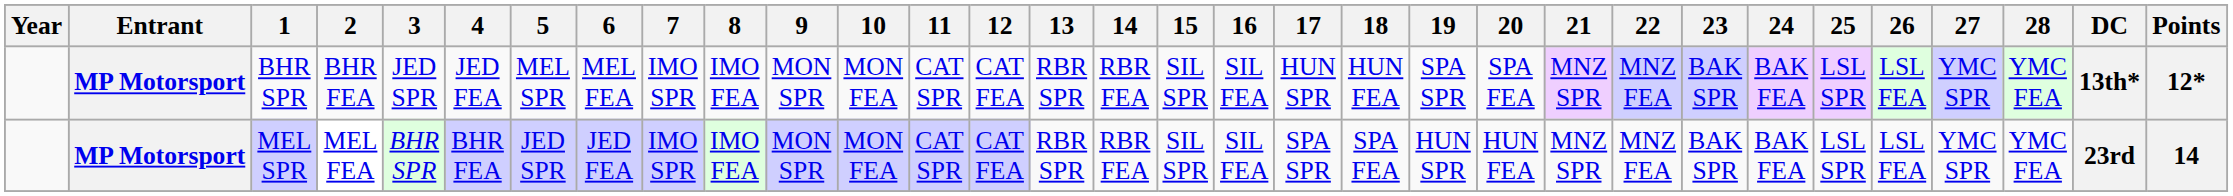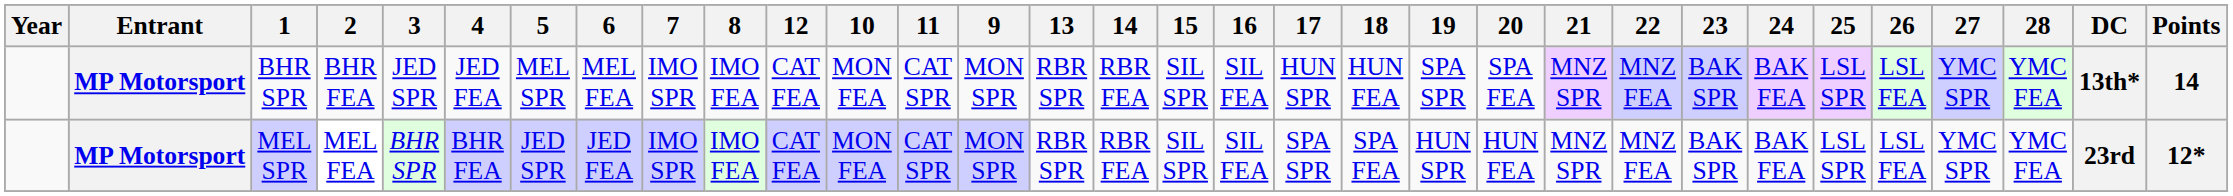 <table class="wikitable" style="text-align:center; font-size:85%;">
 <tr>
 <th scope="col">Year</th>
 <th scope="col">Entrant</th>
 <th scope="col">1</th>
 <th scope="col">2</th>
 <th scope="col">3</th>
 <th scope="col">4</th>
 <th scope="col">5</th>
 <th scope="col">6</th>
 <th scope="col">7</th>
 <th scope="col">8</th>
-<th scope="col">9</th>
+<th scope="col">12</th>
 <th scope="col">10</th>
 <th scope="col">11</th>
-<th scope="col">12</th>
+<th scope="col">9</th>
 <th scope="col">13</th>
 <th scope="col">14</th>
 <th scope="col">15</th>
 <th scope="col">16</th>
 <th scope="col">17</th>
 <th scope="col">18</th>
 <th scope="col">19</th>
 <th scope="col">20</th>
 <th scope="col">21</th>
 <th scope="col">22</th>
 <th scope="col">23</th>
 <th scope="col">24</th>
 <th scope="col">25</th>
 <th scope="col">26</th>
 <th scope="col">27</th>
 <th scope="col">28</th>
 <th scope="col">DC</th>
 <th scope="col">Points</th>
 </tr>
 <tr>
 <td scope="row"></td>
 <th><a href='#'>MP Motorsport</a></th>
 <td><a href='#'>BHR<br>SPR</a></td>
 <td><a href='#'>BHR<br>FEA</a></td>
 <td><a href='#'>JED<br>SPR</a></td>
 <td><a href='#'>JED<br>FEA</a></td>
 <td><a href='#'>MEL<br>SPR</a></td>
 <td><a href='#'>MEL<br>FEA</a></td>
 <td><a href='#'>IMO<br>SPR</a></td>
 <td><a href='#'>IMO<br>FEA</a></td>
-<td><a href='#'>MON<br>SPR</a></td>
+<td><a href='#'>CAT<br>FEA</a></td>
 <td><a href='#'>MON<br>FEA</a></td>
 <td><a href='#'>CAT<br>SPR</a></td>
-<td><a href='#'>CAT<br>FEA</a></td>
+<td><a href='#'>MON<br>SPR</a></td>
 <td><a href='#'>RBR<br>SPR</a></td>
 <td><a href='#'>RBR<br>FEA</a></td>
 <td><a href='#'>SIL<br>SPR</a></td>
 <td><a href='#'>SIL<br>FEA</a></td>
 <td><a href='#'>HUN<br>SPR</a></td>
 <td><a href='#'>HUN<br>FEA</a></td>
 <td><a href='#'>SPA<br>SPR</a></td>
 <td><a href='#'>SPA<br>FEA</a></td>
 <td style="background:#EFCFFF;"><a href='#'>MNZ<br>SPR</a><br></td>
 <td style="background:#CFCFFF;"><a href='#'>MNZ<br>FEA</a><br></td>
 <td style="background:#CFCFFF;"><a href='#'>BAK<br>SPR</a><br></td>
 <td style="background:#EFCFFF;"><a href='#'>BAK<br>FEA</a><br></td>
 <td style="background:#EFCFFF;"><a href='#'>LSL<br>SPR</a><br></td>
 <td style="background:#DFFFDF;"><a href='#'>LSL<br>FEA</a><br></td>
 <td style="background:#CFCFFF;"><a href='#'>YMC<br>SPR</a><br></td>
 <td style="background:#DFFFDF;"><a href='#'>YMC<br>FEA</a><br></td>
 <th>13th*</th>
-<th>12*</th>
+<th>14</th>
 </tr>
 <tr>
 <td scope="row"></td>
 <th><a href='#'>MP Motorsport</a></th>
 <td style="background:#CFCFFF;"><a href='#'>MEL<br>SPR</a><br></td>
 <td style="background:#FFFFFF;"><a href='#'>MEL<br>FEA</a><br></td>
 <td style="background:#DFFFDF;"><em><a href='#'>BHR<br>SPR</a></em><br></td>
 <td style="background:#CFCFFF;"><a href='#'>BHR<br>FEA</a><br></td>
 <td style="background:#CFCFFF;"><a href='#'>JED<br>SPR</a><br></td>
 <td style="background:#CFCFFF;"><a href='#'>JED<br>FEA</a><br></td>
 <td style="background:#CFCFFF;"><a href='#'>IMO<br>SPR</a><br></td>
 <td style="background:#DFFFDF;"><a href='#'>IMO<br>FEA</a><br></td>
-<td style="background:#CFCFFF;"><a href='#'>MON<br>SPR</a><br></td>
+<td style="background:#CFCFFF;"><a href='#'>CAT<br>FEA</a><br></td>
 <td style="background:#CFCFFF;"><a href='#'>MON<br>FEA</a><br></td>
 <td style="background:#CFCFFF;"><a href='#'>CAT<br>SPR</a><br></td>
-<td style="background:#CFCFFF;"><a href='#'>CAT<br>FEA</a><br></td>
+<td style="background:#CFCFFF;"><a href='#'>MON<br>SPR</a><br></td>
 <td style="background:#;"><a href='#'>RBR<br>SPR</a><br></td>
 <td style="background:#;"><a href='#'>RBR<br>FEA</a><br></td>
 <td style="background:#;"><a href='#'>SIL<br>SPR</a><br></td>
 <td style="background:#;"><a href='#'>SIL<br>FEA</a><br></td>
 <td style="background:#;"><a href='#'>SPA<br>SPR</a><br></td>
 <td style="background:#;"><a href='#'>SPA<br>FEA</a><br></td>
 <td style="background:#;"><a href='#'>HUN<br>SPR</a><br></td>
 <td style="background:#;"><a href='#'>HUN<br>FEA</a><br></td>
 <td style="background:#;"><a href='#'>MNZ<br>SPR</a><br></td>
 <td style="background:#;"><a href='#'>MNZ<br>FEA</a><br></td>
 <td style="background:#;"><a href='#'>BAK<br>SPR</a><br></td>
 <td style="background:#;"><a href='#'>BAK<br>FEA</a><br></td>
 <td style="background:#;"><a href='#'>LSL<br>SPR</a><br></td>
 <td style="background:#;"><a href='#'>LSL<br>FEA</a><br></td>
 <td style="background:#;"><a href='#'>YMC<br>SPR</a><br></td>
 <td style="background:#;"><a href='#'>YMC<br>FEA</a><br></td>
 <th>23rd</th>
-<th>14</th>
+<th>12*</th>
 </tr>
 </table>
